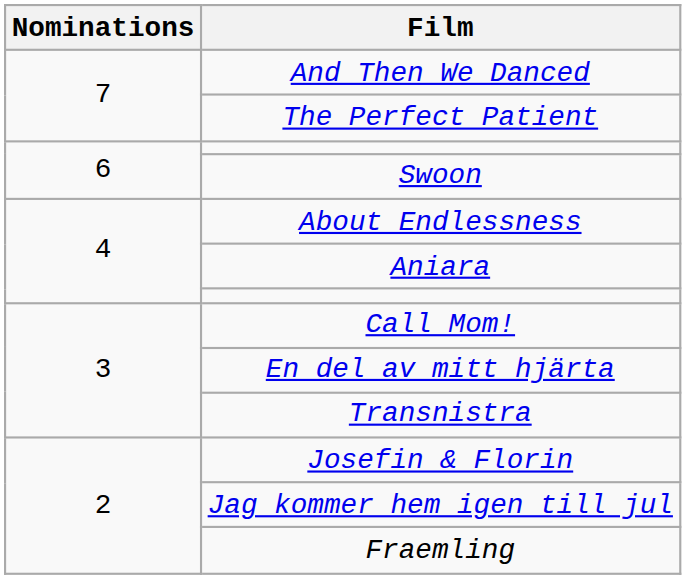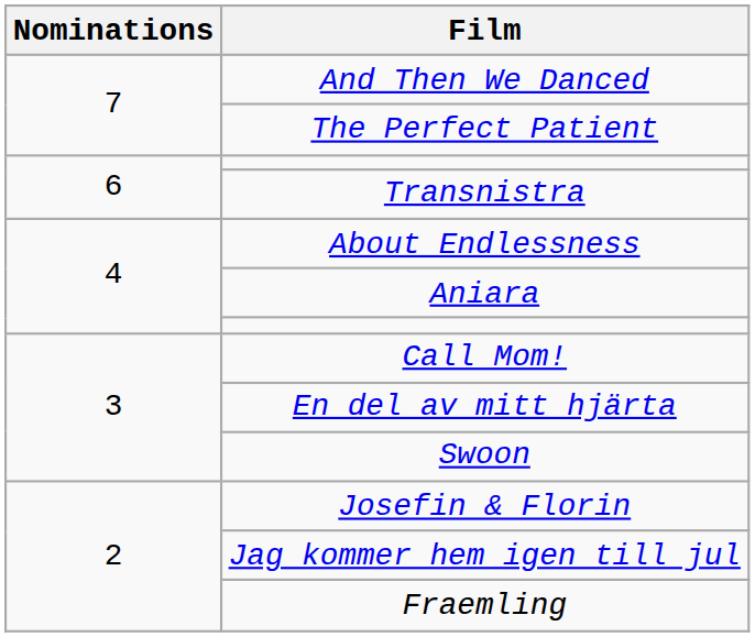 <table class="wikitable" rowspan="2" style="text-align:center;">
 <tr>
 <th scope="col">Nominations</th>
 <th scope="col">Film</th>
 </tr>
 <tr>
 <td rowspan="2">7</td>
 <td><em><a href='#'>And Then We Danced</a></em></td>
 </tr>
 <tr>
 <td><em><a href='#'>The Perfect Patient</a></em></td>
 </tr>
 <tr>
 <td rowspan="2">6</td>
 <td><em></em></td>
 </tr>
 <tr>
-<td><em><a href='#'>Swoon</a></em></td>
+<td><em><a href='#'>Transnistra</a></em></td>
 </tr>
 <tr>
 <td rowspan="3">4</td>
 <td><em><a href='#'>About Endlessness</a></em></td>
 </tr>
 <tr>
 <td><em><a href='#'>Aniara</a></em></td>
 </tr>
 <tr>
 <td><em></em></td>
 </tr>
 <tr>
 <td rowspan="3">3</td>
 <td><em><a href='#'>Call Mom!</a></em></td>
 </tr>
 <tr>
 <td><em><a href='#'>En del av mitt hjärta</a></em></td>
 </tr>
 <tr>
-<td><em><a href='#'>Transnistra</a></em></td>
+<td><em><a href='#'>Swoon</a></em></td>
 </tr>
 <tr>
 <td rowspan="3">2</td>
 <td><em><a href='#'>Josefin & Florin</a></em></td>
 </tr>
 <tr>
 <td><em><a href='#'>Jag kommer hem igen till jul</a></em></td>
 </tr>
 <tr>
 <td><em>Fraemling</em></td>
 </tr>
 </table>
